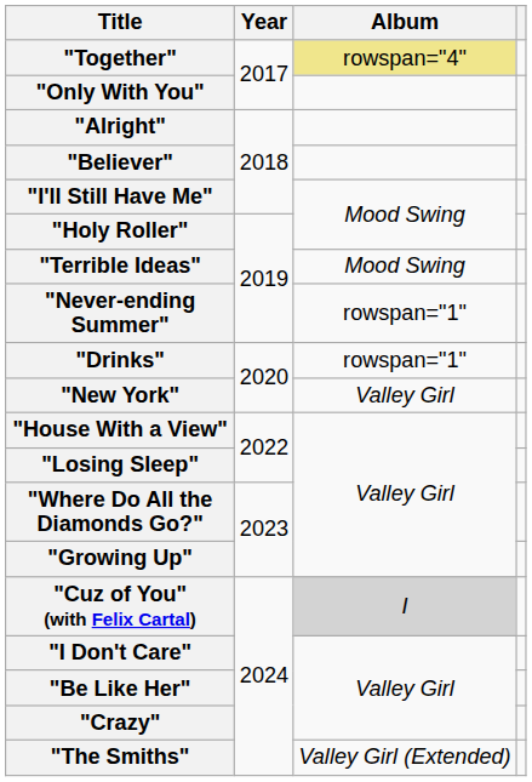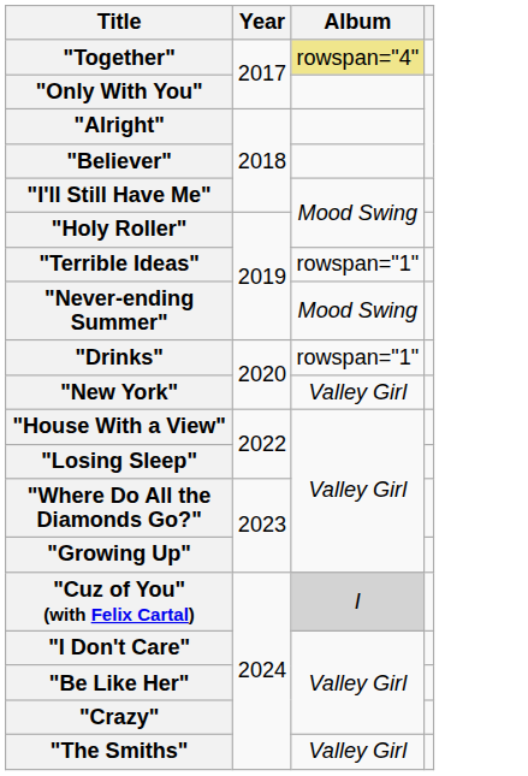 <table class="wikitable plainrowheaders" style="text-align:center;">
 <tr>
 <th scope="col" style="width:10em;">Title</th>
 <th scope="col">Year</th>
 <th scope="col">Album</th>
 <th scope="col"></th>
 </tr>
 <tr>
 <th scope="row">"Together"</th>
 <td rowspan="2">2017</td>
 <td style="background: khaki;">rowspan="4"  </td>
 <td rowspan="1"></td>
 </tr>
 <tr>
 <th scope="row">"Only With You"</th>
 <td rowspan="1"></td>
 </tr>
 <tr>
 <th scope="row">"Alright"</th>
 <td rowspan="3">2018</td>
 <td rowspan="1"></td>
 </tr>
 <tr>
 <th scope="row">"Believer"</th>
 <td rowspan="1"></td>
 </tr>
 <tr>
 <th scope="row">"I'll Still Have Me"</th>
 <td rowspan="2"><em>Mood Swing</em></td>
 <td rowspan="1"></td>
 </tr>
 <tr>
 <th scope="row">"Holy Roller"</th>
 <td rowspan="3">2019</td>
 <td rowspan="1"></td>
 </tr>
 <tr>
 <th scope="row">"Terrible Ideas"</th>
-<td rowspan="1"><em>Mood Swing</em></td>
+<td>rowspan="1" </td>
 <td rowspan="1"></td>
 </tr>
 <tr>
 <th scope="row">"Never-ending Summer"</th>
-<td>rowspan="1" </td>
+<td rowspan="1"><em>Mood Swing</em></td>
 <td rowspan="1"></td>
 </tr>
 <tr>
 <th scope="row">"Drinks"</th>
 <td rowspan="2">2020</td>
 <td>rowspan="1" </td>
 <td rowspan="1"></td>
 </tr>
 <tr>
 <th scope="row">"New York"</th>
 <td rowspan="1"><em>Valley Girl</em></td>
 <td rowspan="1"></td>
 </tr>
 <tr>
 <th scope="row">"House With a View"</th>
 <td rowspan="2">2022</td>
 <td rowspan="4"><em>Valley Girl</em></td>
 <td rowspan="1"></td>
 </tr>
 <tr>
 <th scope="row">"Losing Sleep"</th>
 <td rowspan="1"></td>
 </tr>
 <tr>
 <th scope="row">"Where Do All the Diamonds Go?"</th>
 <td rowspan="2">2023</td>
 <td rowspan="1"></td>
 </tr>
 <tr>
 <th scope="row">"Growing Up"</th>
 <td rowspan="1"></td>
 </tr>
 <tr>
 <th scope="row">"Cuz of You"<br><small>(with <a href='#'>Felix Cartal</a>)</small></th>
 <td rowspan="5">2024</td>
 <td rowspan="1" style="background: lightgrey;"><em>I</em></td>
 <td rowspan="1"></td>
 </tr>
 <tr>
 <th scope="row">"I Don't Care"</th>
 <td rowspan="3"><em>Valley Girl</em></td>
 <td rowspan="1"></td>
 </tr>
 <tr>
 <th scope="row">"Be Like Her"</th>
 <td rowspan="1"></td>
 </tr>
 <tr>
 <th scope="row">"Crazy"</th>
 <td rowspan="1"></td>
 </tr>
 <tr>
 <th scope="row">"The Smiths"</th>
-<td rowspan="1"><em>Valley Girl (Extended)</em></td>
+<td rowspan="1"><em>Valley Girl</em></td>
 <td rowspan="1"></td>
 </tr>
 </table>
